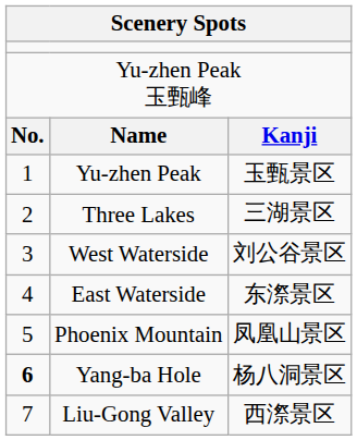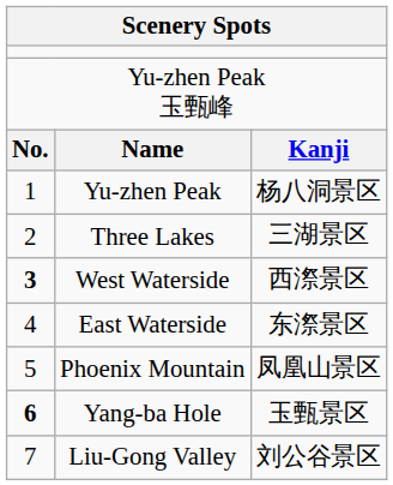 <table class="wikitable" align=right style="text-align: center;">
 <tr>
 <th colspan="6">Scenery Spots</th>
 </tr>
 <tr>
 <td colspan="6"></td>
 </tr>
 <tr>
 <td colspan="6">Yu-zhen Peak<br>玉甄峰</td>
 </tr>
 <tr>
 <th scope="col">No.</th>
 <th scope="col">Name</th>
 <th scope="col"><a href='#'>Kanji</a></th>
 </tr>
 <tr>
 <td>1</td>
 <td>Yu-zhen Peak</td>
-<td>玉甄景区</td>
+<td>杨八洞景区</td>
 </tr>
 <tr>
 <td>2</td>
 <td>Three Lakes</td>
 <td>三湖景区</td>
 </tr>
 <tr>
-<td>3</td>
+<td><strong>3</strong></td>
 <td>West Waterside</td>
-<td>刘公谷景区</td>
+<td>西漈景区</td>
 </tr>
 <tr>
 <td>4</td>
 <td>East Waterside</td>
 <td>东漈景区</td>
 </tr>
 <tr>
 <td>5</td>
 <td>Phoenix Mountain</td>
 <td>凤凰山景区</td>
 </tr>
 <tr>
 <td><strong>6</strong></td>
 <td>Yang-ba Hole</td>
-<td>杨八洞景区</td>
+<td>玉甄景区</td>
 </tr>
 <tr>
 <td>7</td>
 <td>Liu-Gong Valley</td>
-<td>西漈景区</td>
+<td>刘公谷景区</td>
 </tr>
 </table>
